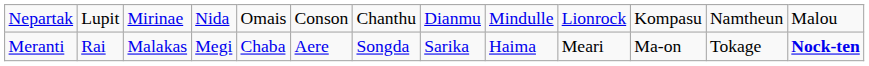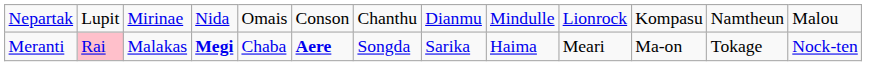 <table class="wikitable">
 <tr>
 <td><a href='#'>Nepartak</a></td>
 <td>Lupit</td>
 <td><a href='#'>Mirinae</a></td>
 <td><a href='#'>Nida</a></td>
 <td>Omais</td>
 <td>Conson</td>
 <td>Chanthu</td>
 <td><a href='#'>Dianmu</a></td>
 <td><a href='#'>Mindulle</a></td>
 <td><a href='#'>Lionrock</a></td>
 <td>Kompasu</td>
 <td>Namtheun</td>
 <td>Malou</td>
 </tr>
 <tr>
 <td><a href='#'>Meranti</a></td>
-<td><a href='#'>Rai</a></td>
+<td style="background: pink;"><a href='#'>Rai</a></td>
 <td><a href='#'>Malakas</a></td>
-<td><a href='#'>Megi</a></td>
+<td><strong><a href='#'>Megi</a></strong></td>
 <td><a href='#'>Chaba</a></td>
-<td><a href='#'>Aere</a></td>
+<td><strong><a href='#'>Aere</a></strong></td>
 <td><a href='#'>Songda</a></td>
 <td><a href='#'>Sarika</a></td>
 <td><a href='#'>Haima</a></td>
 <td>Meari</td>
 <td>Ma-on</td>
 <td>Tokage</td>
-<td><strong><a href='#'>Nock-ten</a></strong></td>
+<td><a href='#'>Nock-ten</a></td>
 </tr>
 </table>
